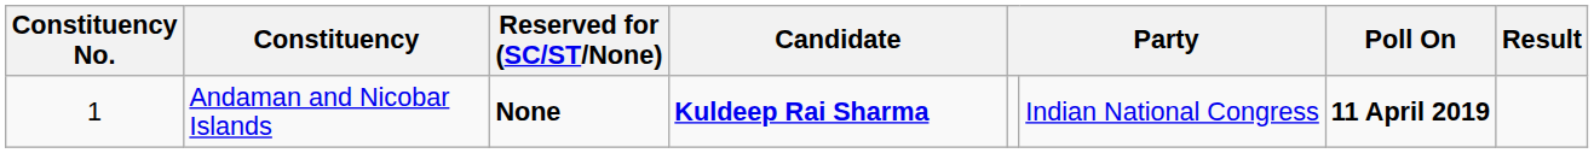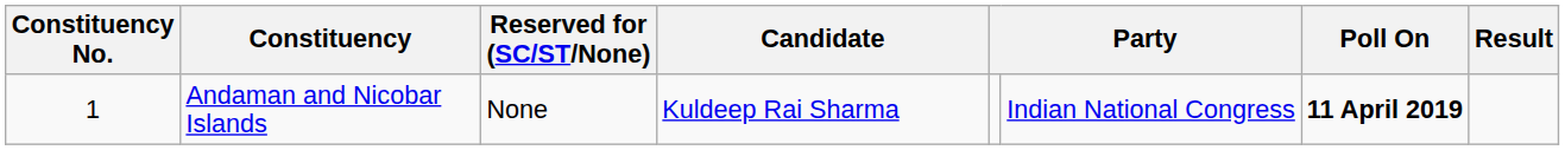 <table class="wikitable sortable">
 <tr>
 <th>Constituency <br> No.</th>
 <th style="width:180px;">Constituency</th>
 <th>Reserved for<br>(<a href='#'>SC/ST</a>/None)</th>
 <th style="width:200px;">Candidate</th>
 <th colspan="2">Party</th>
 <th>Poll On</th>
 <th>Result</th>
 </tr>
 <tr>
 <td style="text-align:center;">1</td>
 <td><a href='#'>Andaman and Nicobar Islands</a></td>
-<td><strong>None</strong></td>
-<td><strong><a href='#'>Kuldeep Rai Sharma</a></strong></td>
+<td>None</td>
+<td><a href='#'>Kuldeep Rai Sharma</a></td>
 <td bgcolor=></td>
 <td><a href='#'>Indian National Congress</a></td>
 <td><strong>11 April 2019</strong></td>
 <td></td>
 </tr>
 </table>
